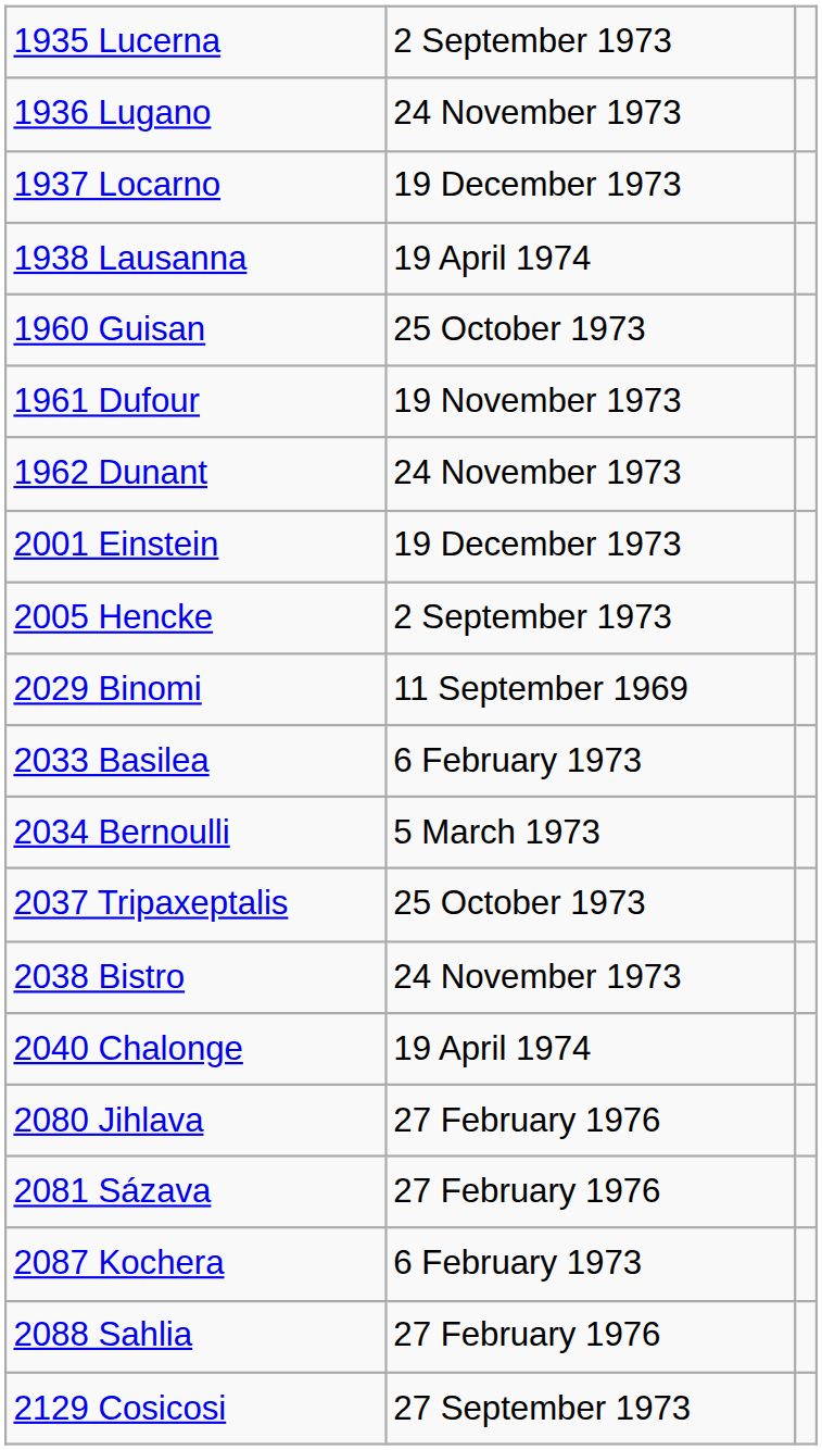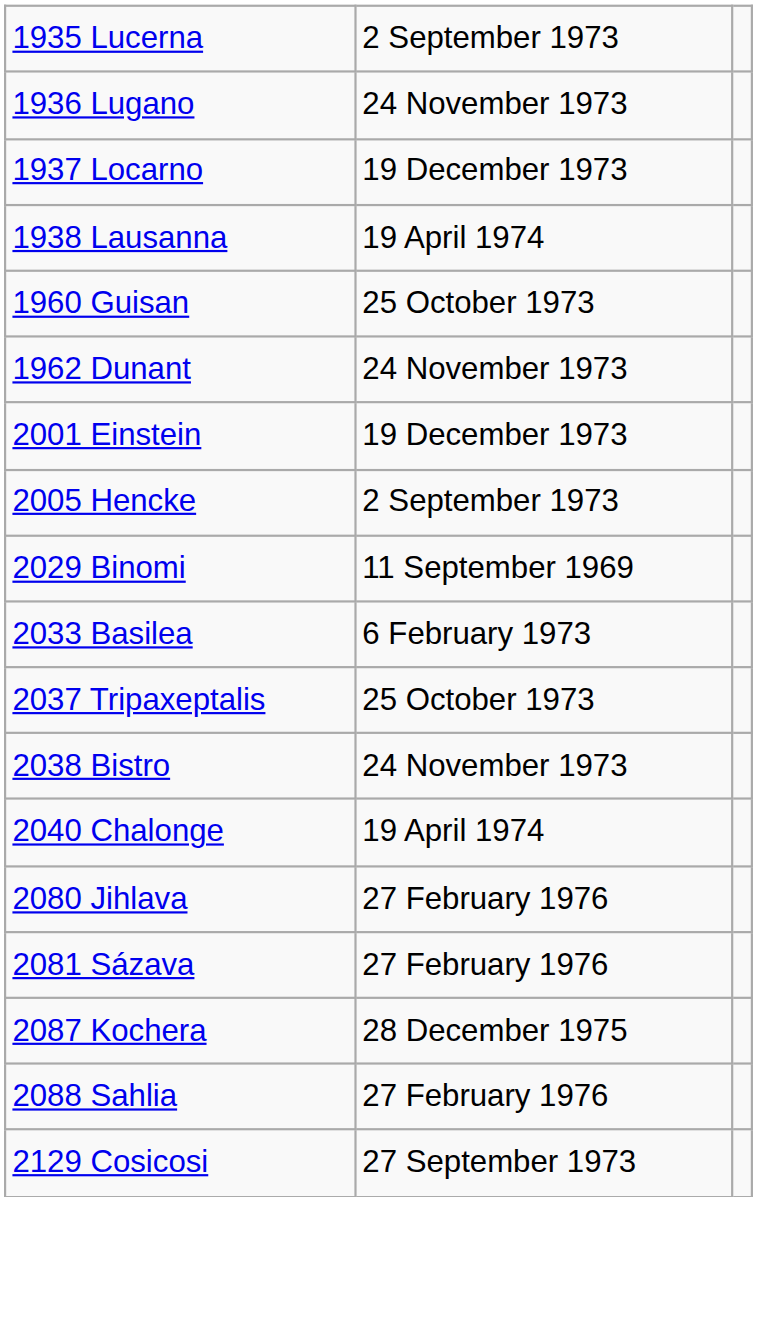 <table class="wikitable" style="font-size: 89%; float: left; width: 24em; margin-right: 1em; line-height: 1.65em !important; height: 540px;">
 <tr>
 <td><a href='#'>1935 Lucerna</a></td>
 <td>2 September 1973</td>
 <td></td>
 </tr>
 <tr>
 <td><a href='#'>1936 Lugano</a></td>
 <td>24 November 1973</td>
 <td></td>
 </tr>
 <tr>
 <td><a href='#'>1937 Locarno</a></td>
 <td>19 December 1973</td>
 <td></td>
 </tr>
 <tr>
 <td><a href='#'>1938 Lausanna</a></td>
 <td>19 April 1974</td>
 <td></td>
 </tr>
 <tr>
 <td><a href='#'>1960 Guisan</a></td>
 <td>25 October 1973</td>
 <td></td>
 </tr>
 <tr>
-<td><a href='#'>1961 Dufour</a></td>
-<td>19 November 1973</td>
-<td></td>
-</tr>
-<tr>
 <td><a href='#'>1962 Dunant</a></td>
 <td>24 November 1973</td>
 <td></td>
 </tr>
 <tr>
 <td><a href='#'>2001 Einstein</a></td>
 <td>19 December 1973</td>
 <td></td>
 </tr>
 <tr>
 <td><a href='#'>2005 Hencke</a></td>
 <td>2 September 1973</td>
 <td></td>
 </tr>
 <tr>
 <td><a href='#'>2029 Binomi</a></td>
 <td>11 September 1969</td>
 <td></td>
 </tr>
 <tr>
 <td><a href='#'>2033 Basilea</a></td>
 <td>6 February 1973</td>
-<td></td>
-</tr>
-<tr>
-<td><a href='#'>2034 Bernoulli</a></td>
-<td>5 March 1973</td>
 <td></td>
 </tr>
 <tr>
 <td><a href='#'>2037 Tripaxeptalis</a></td>
 <td>25 October 1973</td>
 <td></td>
 </tr>
 <tr>
 <td><a href='#'>2038 Bistro</a></td>
 <td>24 November 1973</td>
 <td></td>
 </tr>
 <tr>
 <td><a href='#'>2040 Chalonge</a></td>
 <td>19 April 1974</td>
 <td></td>
 </tr>
 <tr>
 <td><a href='#'>2080 Jihlava</a></td>
 <td>27 February 1976</td>
 <td></td>
 </tr>
 <tr>
 <td><a href='#'>2081 Sázava</a></td>
 <td>27 February 1976</td>
 <td></td>
 </tr>
 <tr>
 <td><a href='#'>2087 Kochera</a></td>
-<td>6 February 1973</td>
+<td>28 December 1975</td>
 <td></td>
 </tr>
 <tr>
 <td><a href='#'>2088 Sahlia</a></td>
 <td>27 February 1976</td>
 <td></td>
 </tr>
 <tr>
 <td><a href='#'>2129 Cosicosi</a></td>
 <td>27 September 1973</td>
 <td></td>
 </tr>
 </table>
